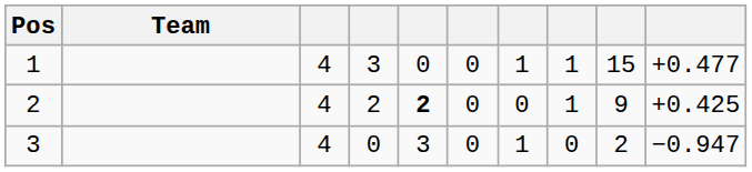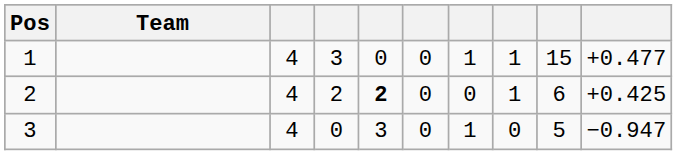 <table class="wikitable" style="text-align:center">
 <tr>
 <th>Pos</th>
 <th width="120">Team</th>
 <th width="20"></th>
 <th width="20"></th>
 <th width="20"></th>
 <th width="20"></th>
 <th width="20"></th>
 <th width="20"></th>
 <th width="20"></th>
 <th><a href='#'></a></th>
 </tr>
 <tr>
 <td>1</td>
 <td style="text-align:left"></td>
 <td>4</td>
 <td>3</td>
 <td>0</td>
 <td>0</td>
 <td>1</td>
 <td>1</td>
 <td>15</td>
 <td>+0.477</td>
 </tr>
 <tr>
 <td>2</td>
 <td style="text-align:left"></td>
 <td>4</td>
 <td>2</td>
 <td><strong>2</strong></td>
 <td>0</td>
 <td>0</td>
 <td>1</td>
-<td>9</td>
+<td>6</td>
 <td>+0.425</td>
 </tr>
 <tr>
 <td>3</td>
 <td style="text-align:left"></td>
 <td>4</td>
 <td>0</td>
 <td>3</td>
 <td>0</td>
 <td>1</td>
 <td>0</td>
-<td>2</td>
+<td>5</td>
 <td>−0.947</td>
 </tr>
 </table>
